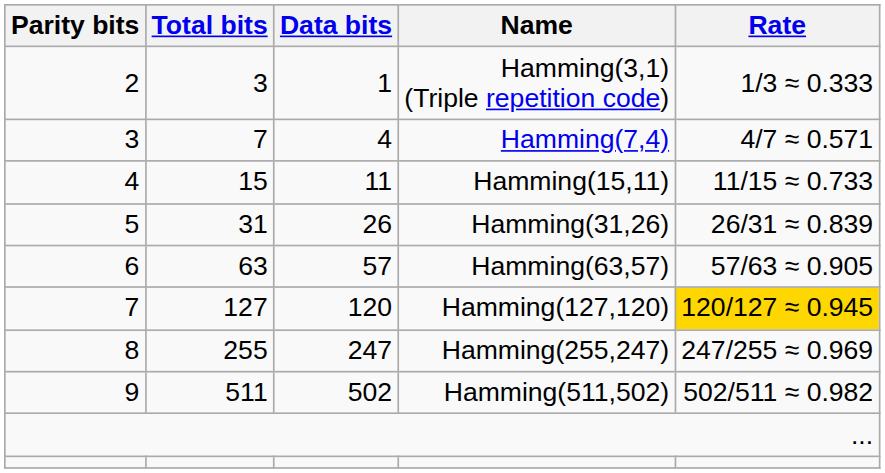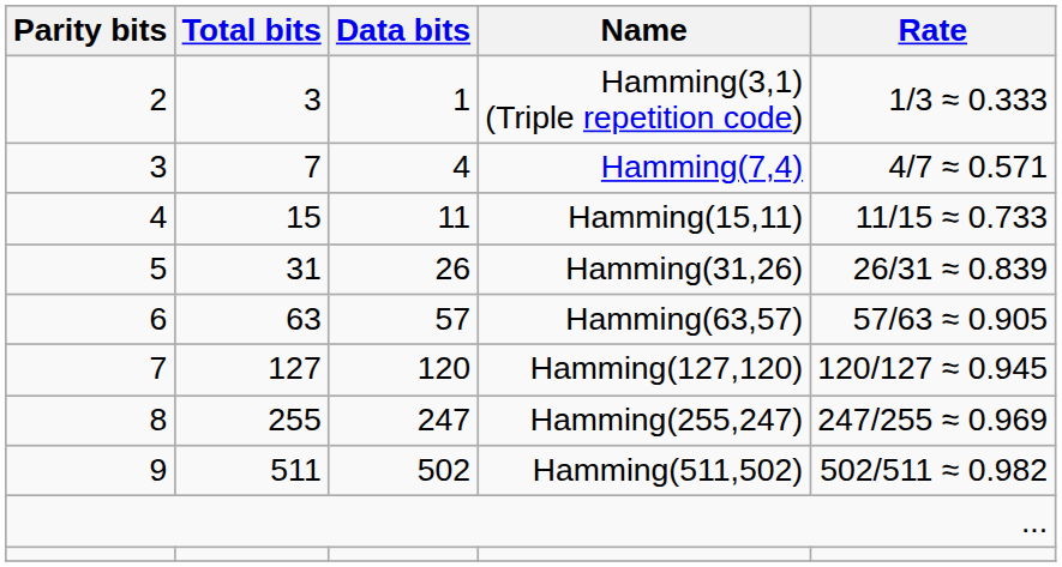 <table class="wikitable" style="text-align:right">
 <tr>
 <th>Parity bits</th>
 <th><a href='#'>Total bits</a></th>
 <th><a href='#'>Data bits</a></th>
 <th>Name</th>
 <th><a href='#'>Rate</a></th>
 </tr>
 <tr>
 <td>2</td>
 <td>3</td>
 <td>1</td>
 <td>Hamming(3,1)<br>(Triple <a href='#'>repetition code</a>)</td>
 <td>1/3 ≈ 0.333</td>
 </tr>
 <tr>
 <td>3</td>
 <td>7</td>
 <td>4</td>
 <td><a href='#'>Hamming(7,4)</a></td>
 <td>4/7 ≈ 0.571</td>
 </tr>
 <tr>
 <td>4</td>
 <td>15</td>
 <td>11</td>
 <td>Hamming(15,11)</td>
 <td>11/15 ≈ 0.733</td>
 </tr>
 <tr>
 <td>5</td>
 <td>31</td>
 <td>26</td>
 <td>Hamming(31,26)</td>
 <td>26/31 ≈ 0.839</td>
 </tr>
 <tr>
 <td>6</td>
 <td>63</td>
 <td>57</td>
 <td>Hamming(63,57)</td>
 <td>57/63 ≈ 0.905</td>
 </tr>
 <tr>
 <td>7</td>
 <td>127</td>
 <td>120</td>
 <td>Hamming(127,120)</td>
-<td style="background: gold;">120/127 ≈ 0.945</td>
+<td>120/127 ≈ 0.945</td>
 </tr>
 <tr>
 <td>8</td>
 <td>255</td>
 <td>247</td>
 <td>Hamming(255,247)</td>
 <td>247/255 ≈ 0.969</td>
 </tr>
 <tr>
 <td>9</td>
 <td>511</td>
 <td>502</td>
 <td>Hamming(511,502)</td>
 <td>502/511 ≈ 0.982</td>
 </tr>
 <tr>
 <td colspan="5">...</td>
 </tr>
 <tr>
 <td></td>
 <td></td>
 <td></td>
 <td></td>
 <td></td>
 </tr>
 </table>
